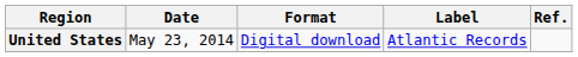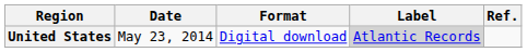 <table class="wikitable plainrowheaders">
 <tr>
 <th>Region</th>
 <th>Date</th>
 <th>Format</th>
 <th>Label</th>
 <th>Ref.</th>
 </tr>
 <tr>
 <th scope="row" rowspan="1">United States</th>
 <td rowspan="1">May 23, 2014</td>
 <td rowspan="1"><a href='#'>Digital download</a></td>
-<td rowspan="1"><a href='#'>Atlantic Records</a></td>
+<td rowspan="1" style="background: lightgrey;"><a href='#'>Atlantic Records</a></td>
 <td><br></td>
 </tr>
 <tr>
 </tr>
 </table>
